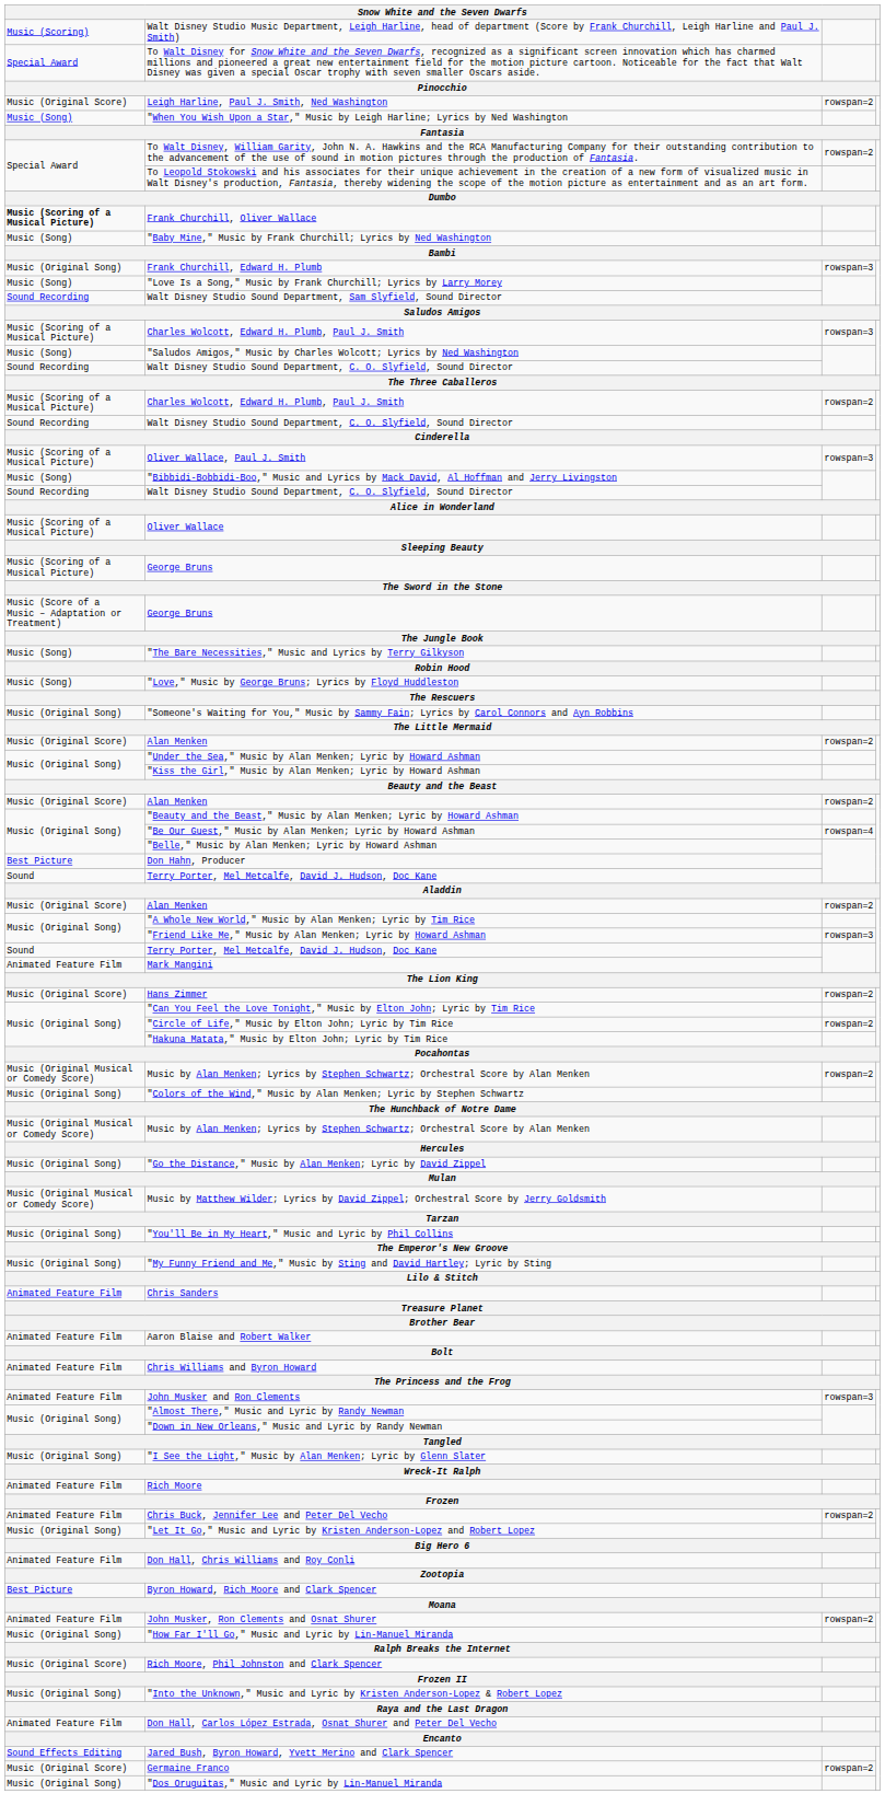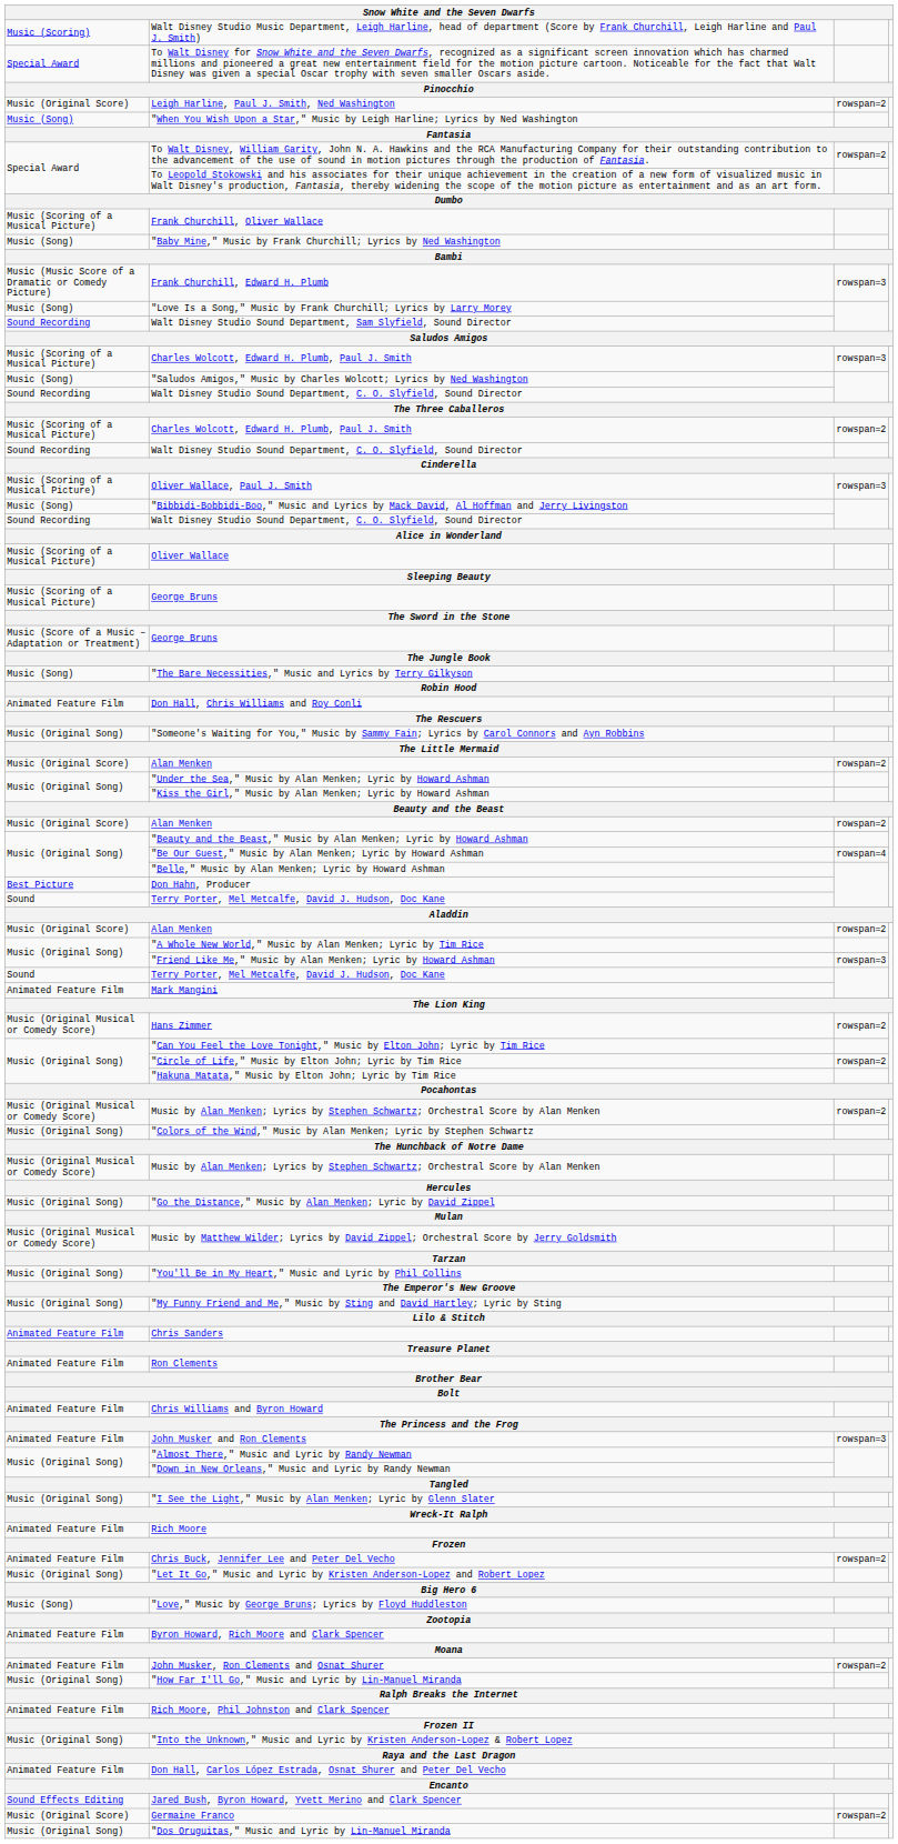 <table class="wikitable">
 <tr>
 <th colspan="4"><em>Snow White and the Seven Dwarfs</em></th>
 </tr>
 <tr>
 <td><a href='#'>Music (Scoring)</a></td>
 <td>Walt Disney Studio Music Department, <a href='#'>Leigh Harline</a>, head of department (Score by <a href='#'>Frank Churchill</a>, Leigh Harline and <a href='#'>Paul J. Smith</a>)</td>
 <td></td>
 <td></td>
 </tr>
 <tr>
 <td><a href='#'>Special Award</a></td>
 <td>To <a href='#'>Walt Disney</a> for <em><a href='#'>Snow White and the Seven Dwarfs</a></em>, recognized as a significant screen innovation which has charmed millions and pioneered a great new entertainment field for the motion picture cartoon. Noticeable for the fact that Walt Disney was given a special Oscar trophy with seven smaller Oscars aside.</td>
 <td></td>
 <td></td>
 </tr>
 <tr>
 <th colspan="4"><em>Pinocchio</em></th>
 </tr>
 <tr>
 <td>Music (Original Score)</td>
 <td><a href='#'>Leigh Harline</a>, <a href='#'>Paul J. Smith</a>, <a href='#'>Ned Washington</a></td>
 <td>rowspan=2 </td>
 <td rowspan="2"></td>
 </tr>
 <tr>
 <td><a href='#'>Music (Song)</a></td>
 <td>"<a href='#'>When You Wish Upon a Star</a>," Music by Leigh Harline; Lyrics by Ned Washington</td>
 </tr>
 <tr>
 <th colspan="4"><em>Fantasia</em></th>
 </tr>
 <tr>
 <td rowspan=2>Special Award</td>
 <td>To <a href='#'>Walt Disney</a>, <a href='#'>William Garity</a>, John N. A. Hawkins and the RCA Manufacturing Company for their outstanding contribution to the advancement of the use of sound in motion pictures through the production of <em><a href='#'>Fantasia</a></em>.</td>
 <td>rowspan=2 </td>
 <td rowspan="2"></td>
 </tr>
 <tr>
 <td>To <a href='#'>Leopold Stokowski</a> and his associates for their unique achievement in the creation of a new form of visualized music in Walt Disney's production, <em>Fantasia</em>, thereby widening the scope of the motion picture as entertainment and as an art form.</td>
 </tr>
 <tr>
 <th colspan="4"><em>Dumbo</em></th>
 </tr>
 <tr>
-<td><strong>Music (Scoring of a Musical Picture)</strong></td>
+<td>Music (Scoring of a Musical Picture)</td>
 <td><a href='#'>Frank Churchill</a>, <a href='#'>Oliver Wallace</a></td>
 <td></td>
 <td rowspan="2"></td>
 </tr>
 <tr>
 <td>Music (Song)</td>
 <td>"<a href='#'>Baby Mine</a>," Music by Frank Churchill; Lyrics by <a href='#'>Ned Washington</a></td>
 <td></td>
 </tr>
 <tr>
 <th colspan="4"><em>Bambi</em></th>
 </tr>
 <tr>
-<td>Music (Original Song)</td>
+<td>Music (Music Score of a Dramatic or Comedy Picture)</td>
 <td><a href='#'>Frank Churchill</a>, <a href='#'>Edward H. Plumb</a></td>
 <td>rowspan=3 </td>
 <td rowspan="3"></td>
 </tr>
 <tr>
 <td>Music (Song)</td>
 <td>"Love Is a Song," Music by Frank Churchill; Lyrics by <a href='#'>Larry Morey</a></td>
 </tr>
 <tr>
 <td><a href='#'>Sound Recording</a></td>
 <td>Walt Disney Studio Sound Department, <a href='#'>Sam Slyfield</a>, Sound Director</td>
 </tr>
 <tr>
 <th colspan="4"><em>Saludos Amigos</em></th>
 </tr>
 <tr>
 <td>Music (Scoring of a Musical Picture)</td>
 <td><a href='#'>Charles Wolcott</a>, <a href='#'>Edward H. Plumb</a>, <a href='#'>Paul J. Smith</a></td>
 <td>rowspan=3 </td>
 <td rowspan="3"></td>
 </tr>
 <tr>
 <td>Music (Song)</td>
 <td>"Saludos Amigos," Music by Charles Wolcott; Lyrics by <a href='#'>Ned Washington</a></td>
 </tr>
 <tr>
 <td>Sound Recording</td>
 <td>Walt Disney Studio Sound Department, <a href='#'>C. O. Slyfield</a>, Sound Director</td>
 </tr>
 <tr>
 <th colspan="4"><em>The Three Caballeros</em></th>
 </tr>
 <tr>
 <td>Music (Scoring of a Musical Picture)</td>
 <td><a href='#'>Charles Wolcott</a>, <a href='#'>Edward H. Plumb</a>, <a href='#'>Paul J. Smith</a></td>
 <td>rowspan=2 </td>
 <td rowspan="2"></td>
 </tr>
 <tr>
 <td>Sound Recording</td>
 <td>Walt Disney Studio Sound Department, <a href='#'>C. O. Slyfield</a>, Sound Director</td>
 </tr>
 <tr>
 <th colspan="4"><em>Cinderella</em></th>
 </tr>
 <tr>
 <td>Music (Scoring of a Musical Picture)</td>
 <td><a href='#'>Oliver Wallace</a>, <a href='#'>Paul J. Smith</a></td>
 <td>rowspan=3 </td>
 <td rowspan="3"></td>
 </tr>
 <tr>
 <td>Music (Song)</td>
 <td>"<a href='#'>Bibbidi-Bobbidi-Boo</a>," Music and Lyrics by <a href='#'>Mack David</a>, <a href='#'>Al Hoffman</a> and <a href='#'>Jerry Livingston</a></td>
 </tr>
 <tr>
 <td>Sound Recording</td>
 <td>Walt Disney Studio Sound Department, <a href='#'>C. O. Slyfield</a>, Sound Director</td>
 </tr>
 <tr>
 <th colspan="4"><em>Alice in Wonderland</em></th>
 </tr>
 <tr>
 <td>Music (Scoring of a Musical Picture)</td>
 <td><a href='#'>Oliver Wallace</a></td>
 <td></td>
 <td></td>
 </tr>
 <tr>
 <th colspan="4"><em>Sleeping Beauty</em></th>
 </tr>
 <tr>
 <td>Music (Scoring of a Musical Picture)</td>
 <td><a href='#'>George Bruns</a></td>
 <td></td>
 <td></td>
 </tr>
 <tr>
 <th colspan="4"><em>The Sword in the Stone</em></th>
 </tr>
 <tr>
 <td>Music (Score of a Music – Adaptation or Treatment)</td>
 <td><a href='#'>George Bruns</a></td>
 <td></td>
 <td></td>
 </tr>
 <tr>
 <th colspan="4"><em>The Jungle Book</em></th>
 </tr>
 <tr>
 <td>Music (Song)</td>
 <td>"<a href='#'>The Bare Necessities</a>," Music and Lyrics by <a href='#'>Terry Gilkyson</a></td>
 <td></td>
 <td></td>
 </tr>
 <tr>
 <th colspan="4"><em>Robin Hood</em></th>
 </tr>
 <tr>
-<td>Music (Song)</td>
-<td>"<a href='#'>Love</a>," Music by <a href='#'>George Bruns</a>; Lyrics by <a href='#'>Floyd Huddleston</a></td>
+<td>Animated Feature Film</td>
+<td><a href='#'>Don Hall</a>, <a href='#'>Chris Williams</a> and <a href='#'>Roy Conli</a></td>
 <td></td>
 <td></td>
 </tr>
 <tr>
 <th colspan="4"><em>The Rescuers</em></th>
 </tr>
 <tr>
 <td>Music (Original Song)</td>
 <td>"Someone's Waiting for You," Music by <a href='#'>Sammy Fain</a>; Lyrics by <a href='#'>Carol Connors</a> and <a href='#'>Ayn Robbins</a></td>
 <td></td>
 <td></td>
 </tr>
 <tr>
 <th colspan="4"><em>The Little Mermaid</em></th>
 </tr>
 <tr>
 <td>Music (Original Score)</td>
 <td><a href='#'>Alan Menken</a></td>
 <td>rowspan=2 </td>
 <td rowspan="3"></td>
 </tr>
 <tr>
 <td rowspan=2>Music (Original Song)</td>
 <td>"<a href='#'>Under the Sea</a>," Music by Alan Menken; Lyric by <a href='#'>Howard Ashman</a></td>
 </tr>
 <tr>
 <td>"<a href='#'>Kiss the Girl</a>," Music by Alan Menken; Lyric by Howard Ashman</td>
 <td></td>
 </tr>
 <tr>
 <th colspan="4"><em>Beauty and the Beast</em></th>
 </tr>
 <tr>
 <td>Music (Original Score)</td>
 <td><a href='#'>Alan Menken</a></td>
 <td>rowspan=2 </td>
 <td rowspan="6"></td>
 </tr>
 <tr>
 <td rowspan=3>Music (Original Song)</td>
 <td>"<a href='#'>Beauty and the Beast</a>," Music by Alan Menken; Lyric by <a href='#'>Howard Ashman</a></td>
 </tr>
 <tr>
 <td>"<a href='#'>Be Our Guest</a>," Music by Alan Menken; Lyric by Howard Ashman</td>
 <td>rowspan=4 </td>
 </tr>
 <tr>
 <td>"<a href='#'>Belle</a>," Music by Alan Menken; Lyric by Howard Ashman</td>
 </tr>
 <tr>
 <td><a href='#'>Best Picture</a></td>
 <td><a href='#'>Don Hahn</a>, Producer</td>
 </tr>
 <tr>
 <td>Sound</td>
 <td><a href='#'>Terry Porter</a>, <a href='#'>Mel Metcalfe</a>, <a href='#'>David J. Hudson</a>, <a href='#'>Doc Kane</a></td>
 </tr>
 <tr>
 <th colspan="4"><em>Aladdin</em></th>
 </tr>
 <tr>
 <td>Music (Original Score)</td>
 <td><a href='#'>Alan Menken</a></td>
 <td>rowspan=2 </td>
 <td rowspan="5"></td>
 </tr>
 <tr>
 <td rowspan=2>Music (Original Song)</td>
 <td>"<a href='#'>A Whole New World</a>," Music by Alan Menken; Lyric by <a href='#'>Tim Rice</a></td>
 </tr>
 <tr>
 <td>"<a href='#'>Friend Like Me</a>," Music by Alan Menken; Lyric by <a href='#'>Howard Ashman</a></td>
 <td>rowspan=3 </td>
 </tr>
 <tr>
 <td>Sound</td>
 <td><a href='#'>Terry Porter</a>, <a href='#'>Mel Metcalfe</a>, <a href='#'>David J. Hudson</a>, <a href='#'>Doc Kane</a></td>
 </tr>
 <tr>
 <td>Animated Feature Film</td>
 <td><a href='#'>Mark Mangini</a></td>
 </tr>
 <tr>
 <th colspan="4"><em>The Lion King</em></th>
 </tr>
 <tr>
-<td>Music (Original Score)</td>
+<td>Music (Original Musical or Comedy Score)</td>
 <td><a href='#'>Hans Zimmer</a></td>
 <td>rowspan=2 </td>
 <td rowspan="4"></td>
 </tr>
 <tr>
 <td rowspan=3>Music (Original Song)</td>
 <td>"<a href='#'>Can You Feel the Love Tonight</a>," Music by <a href='#'>Elton John</a>; Lyric by <a href='#'>Tim Rice</a></td>
 </tr>
 <tr>
 <td>"<a href='#'>Circle of Life</a>," Music by Elton John; Lyric by Tim Rice</td>
 <td>rowspan=2 </td>
 </tr>
 <tr>
 <td>"<a href='#'>Hakuna Matata</a>," Music by Elton John; Lyric by Tim Rice</td>
 </tr>
 <tr>
 <th colspan="4"><em>Pocahontas</em></th>
 </tr>
 <tr>
 <td>Music (Original Musical or Comedy Score)</td>
 <td>Music by <a href='#'>Alan Menken</a>; Lyrics by <a href='#'>Stephen Schwartz</a>; Orchestral Score by Alan Menken</td>
 <td>rowspan=2 </td>
 <td rowspan="2"></td>
 </tr>
 <tr>
 <td>Music (Original Song)</td>
 <td>"<a href='#'>Colors of the Wind</a>," Music by Alan Menken; Lyric by Stephen Schwartz</td>
 </tr>
 <tr>
 <th colspan="4"><em>The Hunchback of Notre Dame</em></th>
 </tr>
 <tr>
 <td>Music (Original Musical or Comedy Score)</td>
 <td>Music by <a href='#'>Alan Menken</a>; Lyrics by <a href='#'>Stephen Schwartz</a>; Orchestral Score by Alan Menken</td>
 <td></td>
 <td></td>
 </tr>
 <tr>
 <th colspan="4"><em>Hercules</em></th>
 </tr>
 <tr>
 <td>Music (Original Song)</td>
 <td>"<a href='#'>Go the Distance</a>," Music by <a href='#'>Alan Menken</a>; Lyric by <a href='#'>David Zippel</a></td>
 <td></td>
 <td></td>
 </tr>
 <tr>
 <th colspan="4"><em>Mulan</em></th>
 </tr>
 <tr>
 <td>Music (Original Musical or Comedy Score)</td>
 <td>Music by <a href='#'>Matthew Wilder</a>; Lyrics by <a href='#'>David Zippel</a>; Orchestral Score by <a href='#'>Jerry Goldsmith</a></td>
 <td></td>
 <td></td>
 </tr>
 <tr>
 <th colspan="4"><em>Tarzan</em></th>
 </tr>
 <tr>
 <td>Music (Original Song)</td>
 <td>"<a href='#'>You'll Be in My Heart</a>," Music and Lyric by <a href='#'>Phil Collins</a></td>
 <td></td>
 <td></td>
 </tr>
 <tr>
 <th colspan="4"><em>The Emperor's New Groove</em></th>
 </tr>
 <tr>
 <td>Music (Original Song)</td>
 <td>"<a href='#'>My Funny Friend and Me</a>," Music by <a href='#'>Sting</a> and <a href='#'>David Hartley</a>; Lyric by Sting</td>
 <td></td>
 <td></td>
 </tr>
 <tr>
 <th colspan="4"><em>Lilo & Stitch</em></th>
 </tr>
 <tr>
 <td><a href='#'>Animated Feature Film</a></td>
 <td><a href='#'>Chris Sanders</a></td>
 <td></td>
 <td></td>
 </tr>
 <tr>
 <th colspan="4"><em>Treasure Planet</em></th>
 </tr>
 <tr>
-<th colspan="4"><em>Brother Bear</em></th>
+<td>Animated Feature Film</td>
+<td><a href='#'>Ron Clements</a></td>
+<td></td>
+<td></td>
 </tr>
 <tr>
-<td>Animated Feature Film</td>
-<td>Aaron Blaise and <a href='#'>Robert Walker</a></td>
-<td></td>
-<td></td>
+<th colspan="4"><em>Brother Bear</em></th>
 </tr>
 <tr>
 <th colspan="4"><em>Bolt</em></th>
 </tr>
 <tr>
 <td>Animated Feature Film</td>
 <td><a href='#'>Chris Williams</a> and <a href='#'>Byron Howard</a></td>
 <td></td>
 <td></td>
 </tr>
 <tr>
 <th colspan="4"><em>The Princess and the Frog</em></th>
 </tr>
 <tr>
 <td>Animated Feature Film</td>
 <td><a href='#'>John Musker</a> and <a href='#'>Ron Clements</a></td>
 <td>rowspan=3 </td>
 <td rowspan="3"></td>
 </tr>
 <tr>
 <td rowspan=2>Music (Original Song)</td>
 <td>"<a href='#'>Almost There</a>," Music and Lyric by <a href='#'>Randy Newman</a></td>
 </tr>
 <tr>
 <td>"<a href='#'>Down in New Orleans</a>," Music and Lyric by Randy Newman</td>
 </tr>
 <tr>
 <th colspan="4"><em>Tangled</em></th>
 </tr>
 <tr>
 <td>Music (Original Song)</td>
 <td>"<a href='#'>I See the Light</a>," Music by <a href='#'>Alan Menken</a>; Lyric by <a href='#'>Glenn Slater</a></td>
 <td></td>
 <td></td>
 </tr>
 <tr>
 <th colspan="4"><em>Wreck-It Ralph</em></th>
 </tr>
 <tr>
 <td>Animated Feature Film</td>
 <td><a href='#'>Rich Moore</a></td>
 <td></td>
 <td></td>
 </tr>
 <tr>
 <th colspan="4"><em>Frozen</em></th>
 </tr>
 <tr>
 <td>Animated Feature Film</td>
 <td><a href='#'>Chris Buck</a>, <a href='#'>Jennifer Lee</a> and <a href='#'>Peter Del Vecho</a></td>
 <td>rowspan=2 </td>
 <td rowspan="2"></td>
 </tr>
 <tr>
 <td>Music (Original Song)</td>
 <td>"<a href='#'>Let It Go</a>," Music and Lyric by <a href='#'>Kristen Anderson-Lopez</a> and <a href='#'>Robert Lopez</a></td>
 </tr>
 <tr>
 <th colspan="4"><em>Big Hero 6</em></th>
 </tr>
 <tr>
-<td>Animated Feature Film</td>
-<td><a href='#'>Don Hall</a>, <a href='#'>Chris Williams</a> and <a href='#'>Roy Conli</a></td>
+<td>Music (Song)</td>
+<td>"<a href='#'>Love</a>," Music by <a href='#'>George Bruns</a>; Lyrics by <a href='#'>Floyd Huddleston</a></td>
 <td></td>
 <td></td>
 </tr>
 <tr>
 <th colspan="4"><em>Zootopia</em></th>
 </tr>
 <tr>
-<td><a href='#'>Best Picture</a></td>
+<td>Animated Feature Film</td>
 <td><a href='#'>Byron Howard</a>, <a href='#'>Rich Moore</a> and <a href='#'>Clark Spencer</a></td>
 <td></td>
 <td></td>
 </tr>
 <tr>
 <th colspan="4"><em>Moana</em></th>
 </tr>
 <tr>
 <td>Animated Feature Film</td>
 <td><a href='#'>John Musker</a>, <a href='#'>Ron Clements</a> and <a href='#'>Osnat Shurer</a></td>
 <td>rowspan=2 </td>
 <td rowspan="2"></td>
 </tr>
 <tr>
 <td>Music (Original Song)</td>
 <td>"<a href='#'>How Far I'll Go</a>," Music and Lyric by <a href='#'>Lin-Manuel Miranda</a></td>
 </tr>
 <tr>
 <th colspan="4"><em>Ralph Breaks the Internet</em></th>
 </tr>
 <tr>
-<td>Music (Original Score)</td>
+<td>Animated Feature Film</td>
 <td><a href='#'>Rich Moore</a>, <a href='#'>Phil Johnston</a> and <a href='#'>Clark Spencer</a></td>
 <td></td>
 <td></td>
 </tr>
 <tr>
 <th colspan="4"><em>Frozen II</em></th>
 </tr>
 <tr>
 <td>Music (Original Song)</td>
 <td>"<a href='#'>Into the Unknown</a>," Music and Lyric by <a href='#'>Kristen Anderson-Lopez</a> & <a href='#'>Robert Lopez</a></td>
 <td></td>
 <td></td>
 </tr>
 <tr>
 <th colspan="4"><em>Raya and the Last Dragon</em></th>
 </tr>
 <tr>
 <td>Animated Feature Film</td>
 <td><a href='#'>Don Hall</a>, <a href='#'>Carlos López Estrada</a>, <a href='#'>Osnat Shurer</a> and <a href='#'>Peter Del Vecho</a></td>
 <td></td>
 <td></td>
 </tr>
 <tr>
 <th colspan="4"><em>Encanto</em></th>
 </tr>
 <tr>
 <td><a href='#'>Sound Effects Editing</a></td>
 <td><a href='#'>Jared Bush</a>, <a href='#'>Byron Howard</a>, <a href='#'>Yvett Merino</a> and <a href='#'>Clark Spencer</a></td>
 <td></td>
 <td rowspan="3"></td>
 </tr>
 <tr>
 <td>Music (Original Score)</td>
 <td><a href='#'>Germaine Franco</a></td>
 <td>rowspan=2 </td>
 </tr>
 <tr>
 <td>Music (Original Song)</td>
 <td>"<a href='#'>Dos Oruguitas</a>," Music and Lyric by <a href='#'>Lin-Manuel Miranda</a></td>
 </tr>
 </table>
